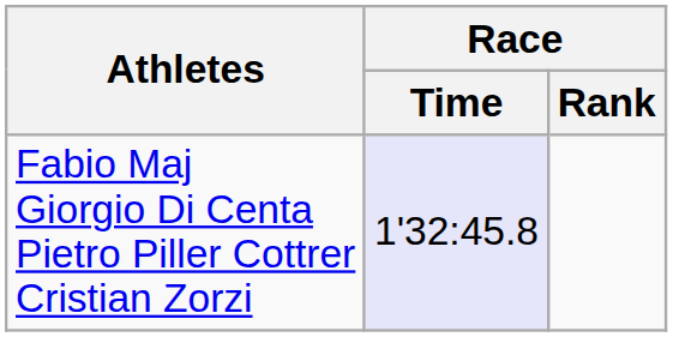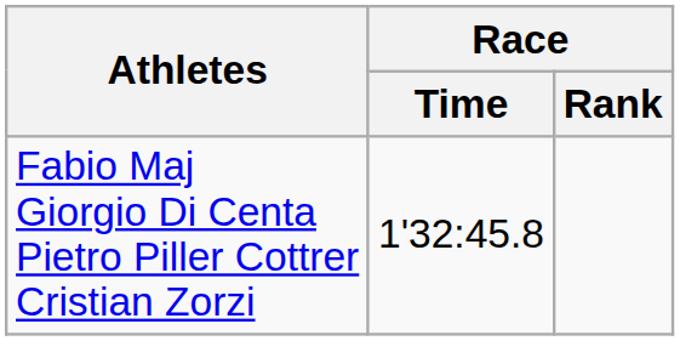 <table class="wikitable" border="1" style="font-size:90%">
 <tr>
 <th rowspan=2>Athletes</th>
 <th colspan=2>Race</th>
 </tr>
 <tr>
 <th>Time</th>
 <th>Rank</th>
 </tr>
 <tr>
 <td><a href='#'>Fabio Maj</a><br><a href='#'>Giorgio Di Centa</a><br><a href='#'>Pietro Piller Cottrer</a><br><a href='#'>Cristian Zorzi</a></td>
-<td align=center style="background: lavender;">1'32:45.8</td>
+<td align=center>1'32:45.8</td>
 <td align=center></td>
 </tr>
 </table>
